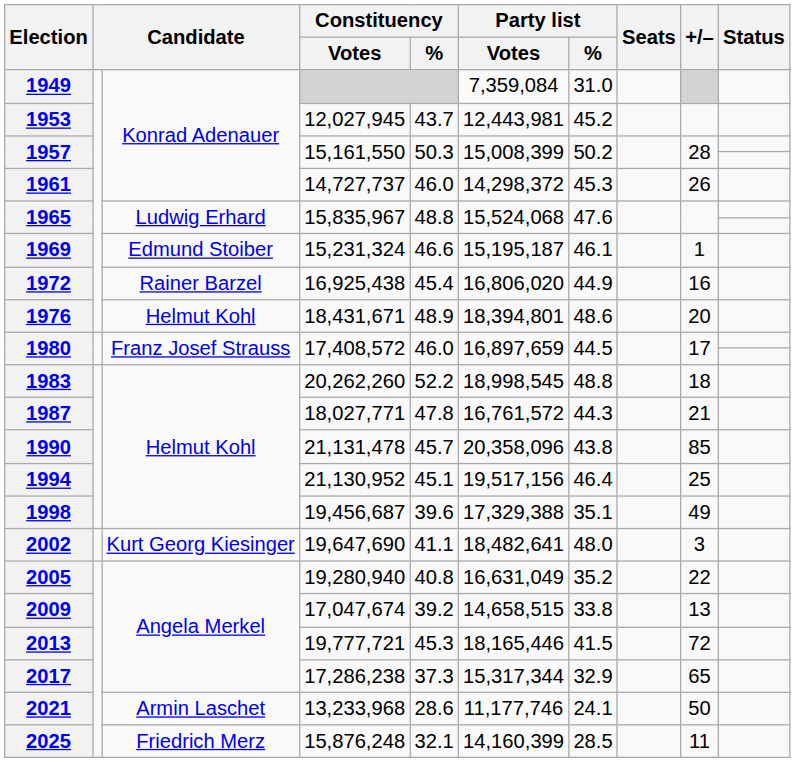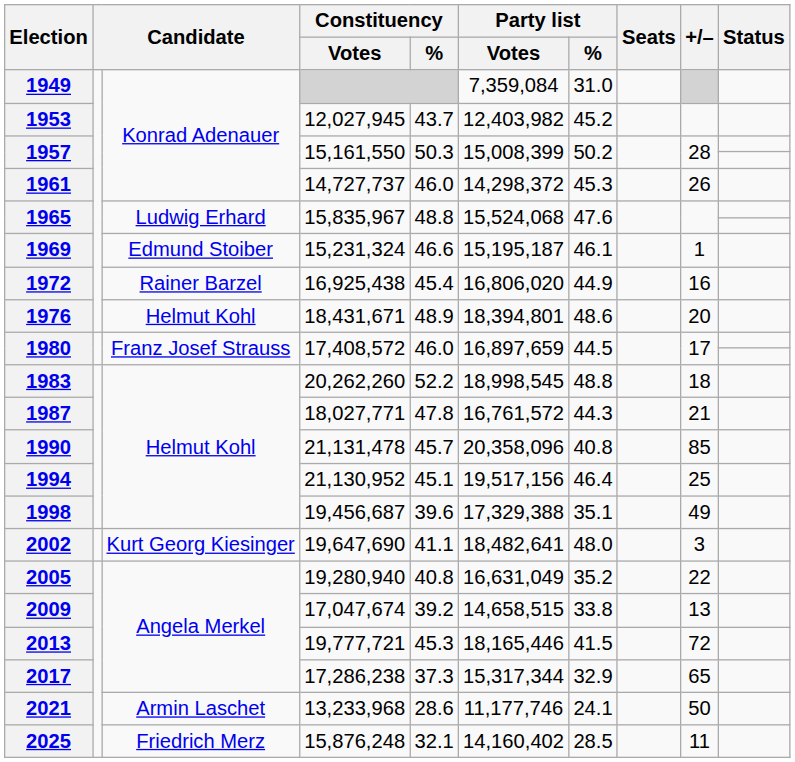 <table class="wikitable" style="font-size:97%; text-align:center;">
 <tr>
 <th rowspan=2>Election</th>
 <th rowspan=2 colspan=2>Candidate</th>
 <th colspan=2>Constituency</th>
 <th colspan=2>Party list</th>
 <th rowspan=2>Seats</th>
 <th rowspan=2>+/–</th>
 <th rowspan=2>Status</th>
 </tr>
 <tr>
 <th>Votes</th>
 <th>%</th>
 <th>Votes</th>
 <th>%</th>
 </tr>
 <tr>
 <th><a href='#'>1949</a></th>
 <td rowspan=10 style="background-color: "></td>
 <td rowspan="5"><a href='#'>Konrad Adenauer</a></td>
 <td colspan=2 bgcolor="lightgrey"></td>
 <td>7,359,084</td>
 <td>31.0</td>
 <td></td>
 <td bgcolor="lightgrey"></td>
 <td></td>
 </tr>
 <tr>
 <th><a href='#'>1953</a></th>
 <td>12,027,945</td>
 <td>43.7</td>
-<td>12,443,981</td>
+<td>12,403,982</td>
 <td>45.2</td>
 <td></td>
 <td></td>
 <td></td>
 </tr>
 <tr>
 <th rowspan="2"><a href='#'>1957</a></th>
 <td rowspan="2">15,161,550</td>
 <td rowspan="2">50.3</td>
 <td rowspan="2">15,008,399</td>
 <td rowspan="2">50.2</td>
 <td rowspan="2"></td>
 <td rowspan="2"> 28</td>
 <td></td>
 </tr>
 <tr>
 <td></td>
 </tr>
 <tr>
 <th><a href='#'>1961</a></th>
 <td>14,727,737</td>
 <td>46.0</td>
 <td>14,298,372</td>
 <td>45.3</td>
 <td></td>
 <td> 26</td>
 <td></td>
 </tr>
 <tr>
 <th rowspan="2"><a href='#'>1965</a></th>
 <td rowspan="2"><a href='#'>Ludwig Erhard</a></td>
 <td rowspan="2">15,835,967</td>
 <td rowspan="2">48.8</td>
 <td rowspan="2">15,524,068</td>
 <td rowspan="2">47.6</td>
 <td rowspan="2"></td>
 <td rowspan="2"></td>
 <td></td>
 </tr>
 <tr>
 <td></td>
 </tr>
 <tr>
 <th><a href='#'>1969</a></th>
 <td><a href='#'>Edmund Stoiber</a></td>
 <td>15,231,324</td>
 <td>46.6</td>
 <td>15,195,187</td>
 <td>46.1</td>
 <td></td>
 <td> 1</td>
 <td></td>
 </tr>
 <tr>
 <th><a href='#'>1972</a></th>
 <td><a href='#'>Rainer Barzel</a></td>
 <td>16,925,438</td>
 <td>45.4</td>
 <td>16,806,020</td>
 <td>44.9</td>
 <td></td>
 <td> 16</td>
 <td></td>
 </tr>
 <tr>
 <th><a href='#'>1976</a></th>
 <td><a href='#'>Helmut Kohl</a></td>
 <td>18,431,671</td>
 <td>48.9</td>
 <td>18,394,801</td>
 <td>48.6</td>
 <td></td>
 <td> 20</td>
 <td></td>
 </tr>
 <tr>
 <th rowspan=2><a href='#'>1980</a></th>
 <td rowspan=2 style="background-color: "></td>
 <td rowspan=2><a href='#'>Franz Josef Strauss</a></td>
 <td rowspan=2>17,408,572</td>
 <td rowspan=2>46.0</td>
 <td rowspan=2>16,897,659</td>
 <td rowspan=2>44.5</td>
 <td rowspan=2></td>
 <td rowspan=2> 17</td>
 <td></td>
 </tr>
 <tr>
 <td></td>
 </tr>
 <tr>
 <th><a href='#'>1983</a></th>
 <td rowspan=5 style="background-color: "></td>
 <td rowspan=5><a href='#'>Helmut Kohl</a></td>
 <td>20,262,260</td>
 <td>52.2</td>
 <td>18,998,545</td>
 <td>48.8</td>
 <td></td>
 <td> 18</td>
 <td></td>
 </tr>
 <tr>
 <th><a href='#'>1987</a></th>
 <td>18,027,771</td>
 <td>47.8</td>
 <td>16,761,572</td>
 <td>44.3</td>
 <td></td>
 <td> 21</td>
 <td></td>
 </tr>
 <tr>
 <th><a href='#'>1990</a></th>
 <td>21,131,478</td>
 <td>45.7</td>
 <td>20,358,096</td>
-<td>43.8</td>
+<td>40.8</td>
 <td></td>
 <td> 85</td>
 <td></td>
 </tr>
 <tr>
 <th><a href='#'>1994</a></th>
 <td>21,130,952</td>
 <td>45.1</td>
 <td>19,517,156</td>
 <td>46.4</td>
 <td></td>
 <td> 25</td>
 <td></td>
 </tr>
 <tr>
 <th><a href='#'>1998</a></th>
 <td>19,456,687</td>
 <td>39.6</td>
 <td>17,329,388</td>
 <td>35.1</td>
 <td></td>
 <td> 49</td>
 <td></td>
 </tr>
 <tr>
 <th><a href='#'>2002</a></th>
 <td style="background-color: "></td>
 <td><a href='#'>Kurt Georg Kiesinger</a></td>
 <td>19,647,690</td>
 <td>41.1</td>
 <td>18,482,641</td>
 <td>48.0</td>
 <td></td>
 <td> 3</td>
 <td></td>
 </tr>
 <tr>
 <th><a href='#'>2005</a></th>
 <td rowspan=6 style="background-color: "></td>
 <td rowspan=4><a href='#'>Angela Merkel</a></td>
 <td>19,280,940</td>
 <td>40.8</td>
 <td>16,631,049</td>
 <td>35.2</td>
 <td></td>
 <td> 22</td>
 <td></td>
 </tr>
 <tr>
 <th><a href='#'>2009</a></th>
 <td>17,047,674</td>
 <td>39.2</td>
 <td>14,658,515</td>
 <td>33.8</td>
 <td></td>
 <td> 13</td>
 <td></td>
 </tr>
 <tr>
 <th><a href='#'>2013</a></th>
 <td>19,777,721</td>
 <td>45.3</td>
 <td>18,165,446</td>
 <td>41.5</td>
 <td></td>
 <td> 72</td>
 <td></td>
 </tr>
 <tr>
 <th><a href='#'>2017</a></th>
 <td>17,286,238</td>
 <td>37.3</td>
 <td>15,317,344</td>
 <td>32.9</td>
 <td></td>
 <td> 65</td>
 <td></td>
 </tr>
 <tr>
 <th><a href='#'>2021</a></th>
 <td><a href='#'>Armin Laschet</a></td>
 <td>13,233,968</td>
 <td>28.6</td>
 <td>11,177,746</td>
 <td>24.1</td>
 <td></td>
 <td> 50</td>
 <td></td>
 </tr>
 <tr>
 <th><a href='#'>2025</a></th>
 <td><a href='#'>Friedrich Merz</a></td>
 <td>15,876,248</td>
 <td>32.1</td>
-<td>14,160,399</td>
+<td>14,160,402</td>
 <td>28.5</td>
 <td></td>
 <td> 11</td>
 <td></td>
 </tr>
 </table>
